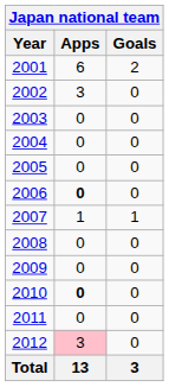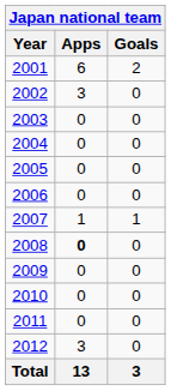 <table class="wikitable" style="text-align:center">
 <tr>
 <th colspan=3><a href='#'>Japan national team</a></th>
 </tr>
 <tr>
 <th>Year</th>
 <th>Apps</th>
 <th>Goals</th>
 </tr>
 <tr>
 <td><a href='#'>2001</a></td>
 <td>6</td>
 <td>2</td>
 </tr>
 <tr>
 <td><a href='#'>2002</a></td>
 <td>3</td>
 <td>0</td>
 </tr>
 <tr>
 <td><a href='#'>2003</a></td>
 <td>0</td>
 <td>0</td>
 </tr>
 <tr>
 <td><a href='#'>2004</a></td>
 <td>0</td>
 <td>0</td>
 </tr>
 <tr>
 <td><a href='#'>2005</a></td>
 <td>0</td>
 <td>0</td>
 </tr>
 <tr>
 <td><a href='#'>2006</a></td>
-<td><strong>0</strong></td>
+<td>0</td>
 <td>0</td>
 </tr>
 <tr>
 <td><a href='#'>2007</a></td>
 <td>1</td>
 <td>1</td>
 </tr>
 <tr>
 <td><a href='#'>2008</a></td>
-<td>0</td>
+<td><strong>0</strong></td>
 <td>0</td>
 </tr>
 <tr>
 <td><a href='#'>2009</a></td>
 <td>0</td>
 <td>0</td>
 </tr>
 <tr>
 <td><a href='#'>2010</a></td>
-<td><strong>0</strong></td>
+<td>0</td>
 <td>0</td>
 </tr>
 <tr>
 <td><a href='#'>2011</a></td>
 <td>0</td>
 <td>0</td>
 </tr>
 <tr>
 <td><a href='#'>2012</a></td>
-<td style="background: pink;">3</td>
+<td>3</td>
 <td>0</td>
 </tr>
 <tr>
 <th>Total</th>
 <th>13</th>
 <th>3</th>
 </tr>
 </table>
